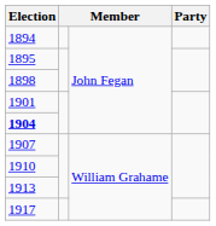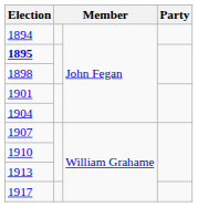 <table class="wikitable">
 <tr>
 <th>Election</th>
 <th colspan="2">Member</th>
 <th>Party</th>
 </tr>
 <tr>
 <td><a href='#'>1894</a></td>
 <td> </td>
 <td rowspan="5"><a href='#'>John Fegan</a></td>
 <td></td>
 </tr>
 <tr>
-<td><a href='#'>1895</a></td>
+<td><strong><a href='#'>1895</a></strong></td>
 <td rowspan="2" > </td>
 <td rowspan="2"></td>
 </tr>
 <tr>
 <td><a href='#'>1898</a></td>
 </tr>
 <tr>
 <td><a href='#'>1901</a></td>
 <td rowspan="2" > </td>
 <td rowspan="2"></td>
 </tr>
 <tr>
-<td><strong><a href='#'>1904</a></strong></td>
+<td><a href='#'>1904</a></td>
 </tr>
 <tr>
 <td><a href='#'>1907</a></td>
 <td rowspan="3" > </td>
 <td rowspan="4"><a href='#'>William Grahame</a></td>
 <td rowspan="3"></td>
 </tr>
 <tr>
 <td><a href='#'>1910</a></td>
 </tr>
 <tr>
 <td><a href='#'>1913</a></td>
 </tr>
 <tr>
 <td><a href='#'>1917</a></td>
 <td> </td>
 <td></td>
 </tr>
 </table>
